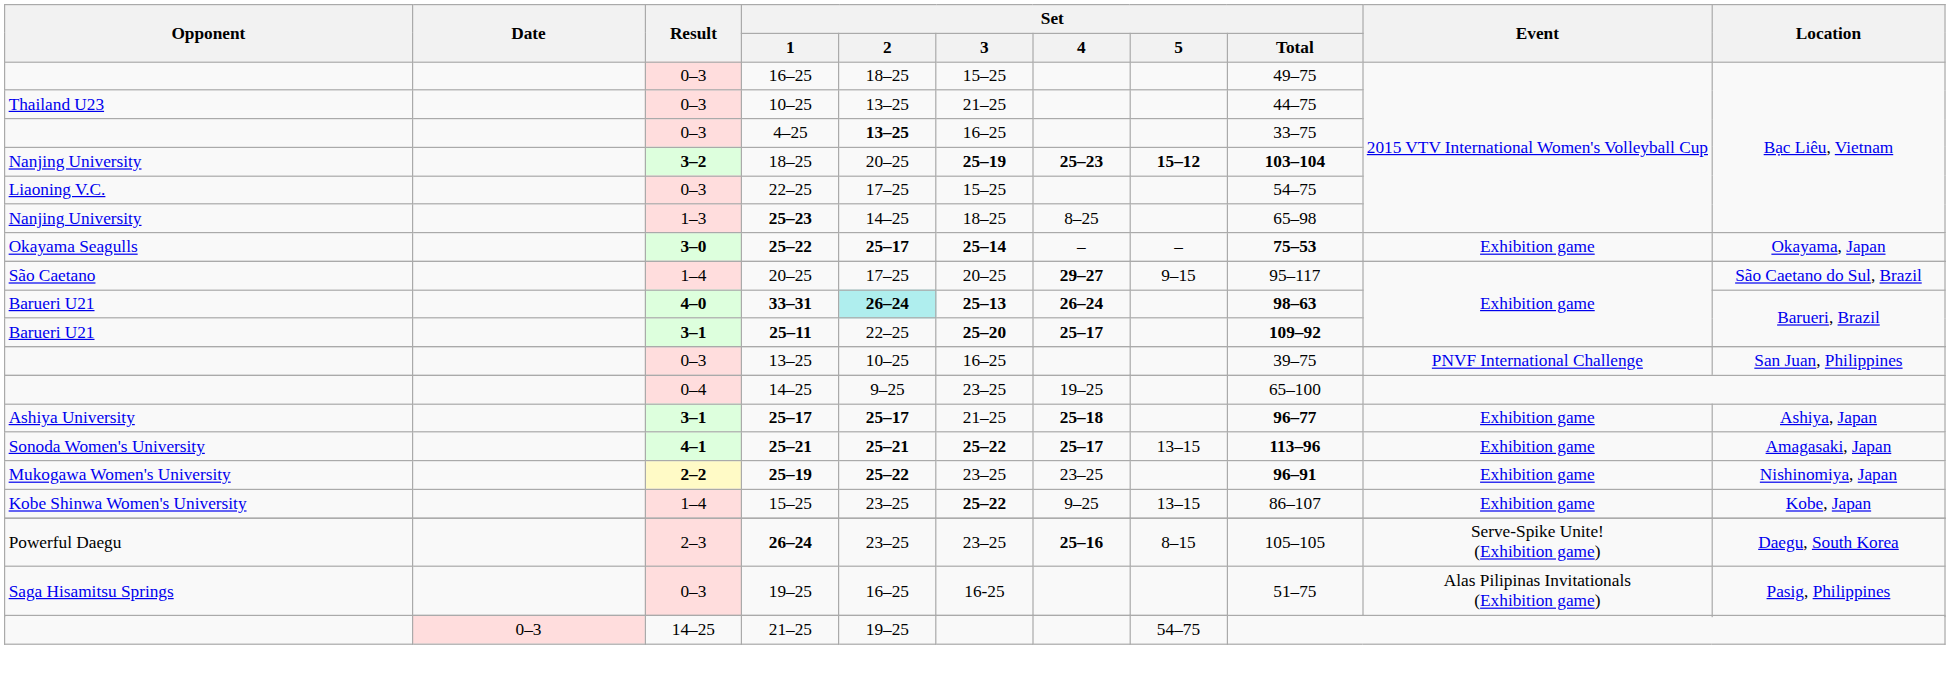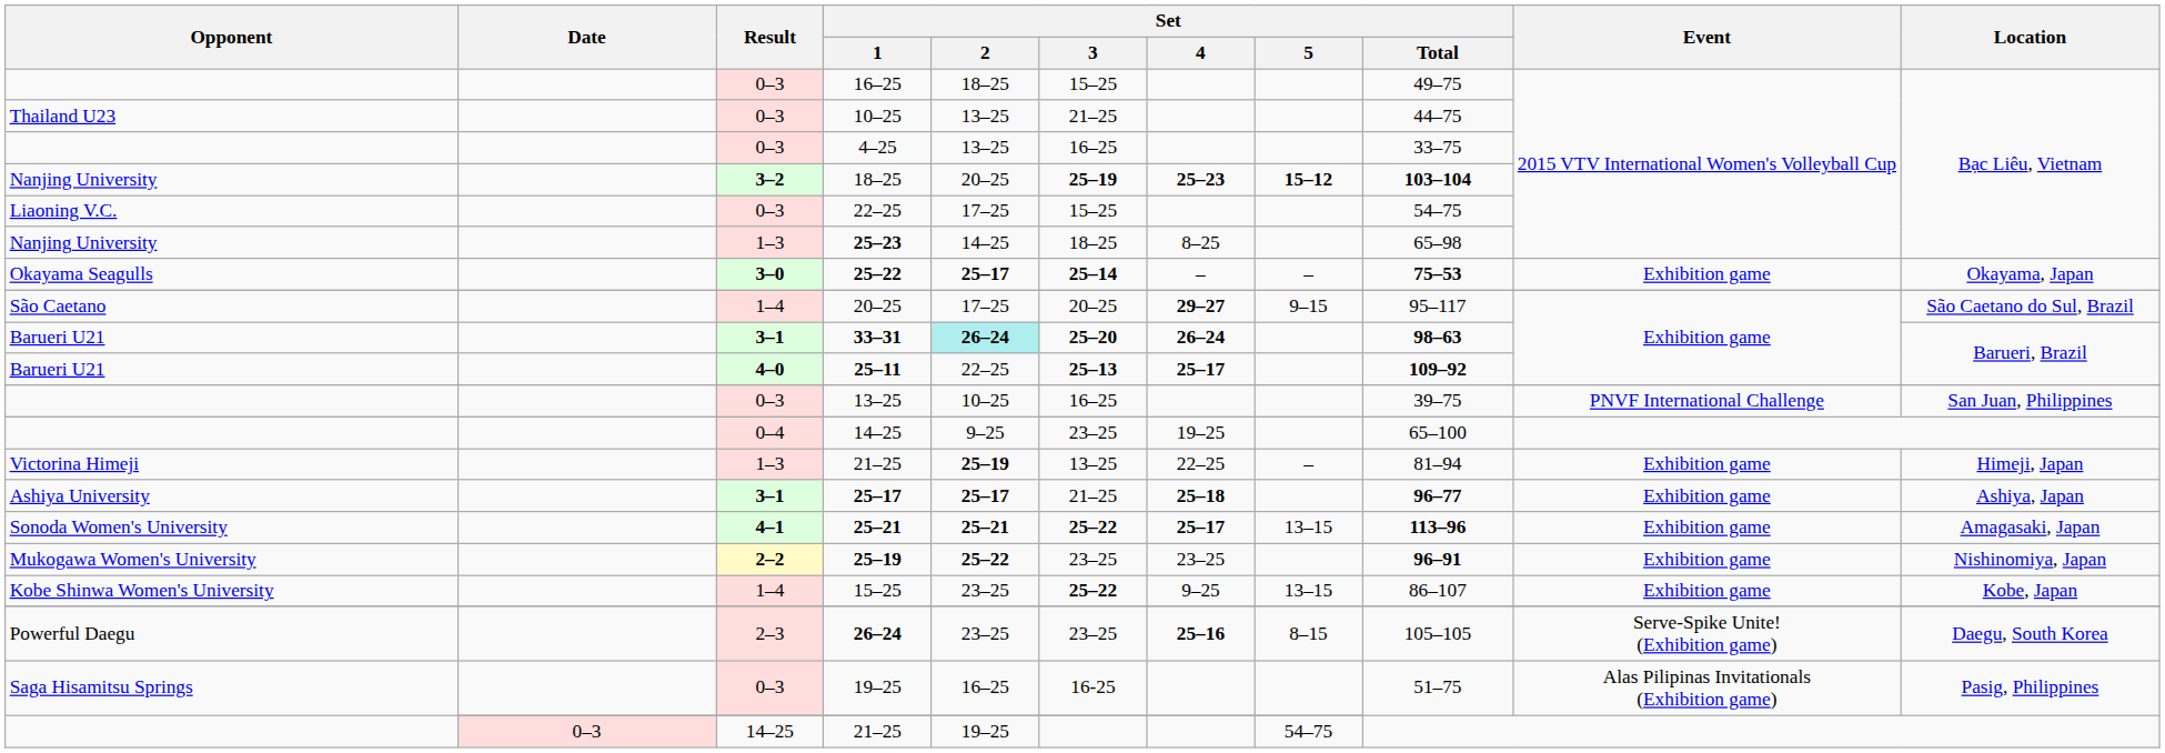 <table class="wikitable" style="font-size: 90%">
 <tr>
 <th rowspan=2 width=21%>Opponent</th>
 <th rowspan=2 width=12%>Date</th>
 <th rowspan=2 width=5%>Result</th>
 <th colspan=6>Set</th>
 <th rowspan=2 width=18%>Event</th>
 <th rowspan=2 width=19%>Location</th>
 </tr>
 <tr>
 <th width=5%>1</th>
 <th width=5%>2</th>
 <th width=5%>3</th>
 <th width=5%>4</th>
 <th width=5%>5</th>
 <th width=7%>Total</th>
 </tr>
 <tr style="text-align:center;">
 <td style="text-align:left;"></td>
 <td></td>
 <td style="background:#ffdddd;">0–3</td>
 <td>16–25</td>
 <td>18–25</td>
 <td>15–25</td>
 <td></td>
 <td></td>
 <td>49–75</td>
 <td rowspan=6><a href='#'>2015 VTV International Women's Volleyball Cup</a></td>
 <td rowspan=6><a href='#'>Bạc Liêu</a>, <a href='#'>Vietnam</a></td>
 </tr>
 <tr style="text-align:center;">
 <td style="text-align:left;"> <a href='#'>Thailand U23</a></td>
 <td></td>
 <td style="background:#ffdddd;">0–3</td>
 <td>10–25</td>
 <td>13–25</td>
 <td>21–25</td>
 <td></td>
 <td></td>
 <td>44–75</td>
 </tr>
 <tr style="text-align:center;">
 <td style="text-align:left;"></td>
 <td></td>
 <td style="background:#ffdddd;">0–3</td>
 <td>4–25</td>
-<td><strong>13–25</strong></td>
+<td>13–25</td>
 <td>16–25</td>
 <td></td>
 <td></td>
 <td>33–75</td>
 </tr>
 <tr style="text-align:center;">
 <td style="text-align:left;"> <a href='#'>Nanjing University</a></td>
 <td></td>
 <td style="background:#ddffdd;"><strong>3–2</strong></td>
 <td>18–25</td>
 <td>20–25</td>
 <td><strong>25–19</strong></td>
 <td><strong>25–23</strong></td>
 <td><strong>15–12</strong></td>
 <td><strong>103–104</strong></td>
 </tr>
 <tr style="text-align:center;">
 <td style="text-align:left;"> <a href='#'>Liaoning V.C.</a></td>
 <td></td>
 <td style="background:#ffdddd;">0–3</td>
 <td>22–25</td>
 <td>17–25</td>
 <td>15–25</td>
 <td></td>
 <td></td>
 <td>54–75</td>
 </tr>
 <tr style="text-align:center;">
 <td style="text-align:left;"> <a href='#'>Nanjing University</a></td>
 <td></td>
 <td style="background:#ffdddd;">1–3</td>
 <td><strong>25–23</strong></td>
 <td>14–25</td>
 <td>18–25</td>
 <td>8–25</td>
 <td></td>
 <td>65–98</td>
 </tr>
 <tr style="text-align:center;">
 <td style="text-align:left;"> <a href='#'>Okayama Seagulls</a></td>
 <td></td>
 <td style="background:#ddffdd;"><strong>3–0</strong></td>
 <td><strong>25–22</strong></td>
 <td><strong>25–17</strong></td>
 <td><strong>25–14</strong></td>
 <td>–</td>
 <td>–</td>
 <td><strong>75–53</strong></td>
 <td align=center><a href='#'>Exhibition game</a></td>
 <td align=center><a href='#'>Okayama</a>, <a href='#'>Japan</a></td>
 </tr>
 <tr style="text-align:center;">
 </tr>
 <tr style="text-align:center;">
 <td style="text-align:left;"> <a href='#'>São Caetano</a></td>
 <td></td>
 <td style="background:#ffdddd;">1–4</td>
 <td>20–25</td>
 <td>17–25</td>
 <td>20–25</td>
 <td><strong>29–27</strong></td>
 <td>9–15</td>
 <td>95–117</td>
 <td rowspan=3 align=center><a href='#'>Exhibition game</a></td>
 <td align=center><a href='#'>São Caetano do Sul</a>, <a href='#'>Brazil</a></td>
 </tr>
 <tr style="text-align:center;">
 <td style="text-align:left;"> <a href='#'>Barueri U21</a></td>
 <td></td>
-<td style="background:#ddffdd;"><strong>4–0</strong></td>
+<td style="background:#ddffdd;"><strong>3–1</strong></td>
 <td><strong>33–31</strong></td>
 <td style="background: paleturquoise;"><strong>26–24</strong></td>
-<td><strong>25–13</strong></td>
+<td><strong>25–20</strong></td>
 <td><strong>26–24</strong></td>
 <td></td>
 <td><strong>98–63</strong></td>
 <td rowspan=2 align=center><a href='#'>Barueri</a>, <a href='#'>Brazil</a></td>
 </tr>
 <tr style="text-align:center;">
 <td style="text-align:left;"> <a href='#'>Barueri U21</a></td>
 <td></td>
-<td style="background:#ddffdd;"><strong>3–1</strong></td>
+<td style="background:#ddffdd;"><strong>4–0</strong></td>
 <td><strong>25–11</strong></td>
 <td>22–25</td>
-<td><strong>25–20</strong></td>
+<td><strong>25–13</strong></td>
 <td><strong>25–17</strong></td>
 <td></td>
 <td><strong>109–92</strong></td>
 </tr>
 <tr style="text-align:center;">
 </tr>
 <tr style="text-align:center;">
 <td style="text-align:left;"></td>
 <td></td>
 <td style="background:#ffdddd">0–3</td>
 <td>13–25</td>
 <td>10–25</td>
 <td>16–25</td>
 <td></td>
 <td></td>
 <td>39–75</td>
 <td rowspan=2><a href='#'>PNVF International Challenge</a></td>
 <td rowspan=2><a href='#'>San Juan</a>, <a href='#'>Philippines</a></td>
 </tr>
 <tr style="text-align:center;">
 </tr>
 <tr style="text-align:center;">
 <td style="text-align:left;"></td>
 <td></td>
 <td style="background:#ffdddd">0–4</td>
 <td>14–25</td>
 <td>9–25</td>
 <td>23–25</td>
 <td>19–25</td>
 <td></td>
 <td>65–100</td>
+</tr>
+<tr style="text-align:center;">
+<td style="text-align:left;"> <a href='#'>Victorina Himeji</a></td>
+<td></td>
+<td style="background:#ffdddd;">1–3</td>
+<td>21–25</td>
+<td><strong>25–19</strong></td>
+<td>13–25</td>
+<td>22–25</td>
+<td>–</td>
+<td>81–94</td>
+<td align=center><a href='#'>Exhibition game</a></td>
+<td align=center><a href='#'>Himeji</a>, <a href='#'>Japan</a></td>
 </tr>
 <tr style="text-align:center;">
 <td style="text-align:left;"> <a href='#'>Ashiya University</a></td>
 <td></td>
 <td style="background:#ddffdd;"><strong>3–1</strong></td>
 <td><strong>25–17</strong></td>
 <td><strong>25–17</strong></td>
 <td>21–25</td>
 <td><strong>25–18</strong></td>
 <td></td>
 <td><strong>96–77</strong></td>
 <td align=center><a href='#'>Exhibition game</a></td>
 <td align=center><a href='#'>Ashiya</a>, <a href='#'>Japan</a></td>
 </tr>
 <tr style="text-align:center;">
 <td style="text-align:left;"> <a href='#'>Sonoda Women's University</a></td>
 <td></td>
 <td style="background:#ddffdd;"><strong>4–1</strong></td>
 <td><strong>25–21</strong></td>
 <td><strong>25–21</strong></td>
 <td><strong>25–22</strong></td>
 <td><strong>25–17</strong></td>
 <td>13–15</td>
 <td><strong>113–96</strong></td>
 <td align=center><a href='#'>Exhibition game</a></td>
 <td align=center><a href='#'>Amagasaki</a>, <a href='#'>Japan</a></td>
 </tr>
 <tr style="text-align:center;">
 <td style="text-align:left;"> <a href='#'>Mukogawa Women's University</a></td>
 <td></td>
 <td style="background:#FFFAC6;"><strong>2–2</strong></td>
 <td><strong>25–19</strong></td>
 <td><strong>25–22</strong></td>
 <td>23–25</td>
 <td>23–25</td>
 <td></td>
 <td><strong>96–91</strong></td>
 <td align=center><a href='#'>Exhibition game</a></td>
 <td align=center><a href='#'>Nishinomiya</a>, <a href='#'>Japan</a></td>
 </tr>
 <tr style="text-align:center;">
 <td style="text-align:left;"> <a href='#'>Kobe Shinwa Women's University</a></td>
 <td></td>
 <td style="background:#ffdddd;">1–4</td>
 <td>15–25</td>
 <td>23–25</td>
 <td><strong>25–22</strong></td>
 <td>9–25</td>
 <td>13–15</td>
 <td>86–107</td>
 <td align=center><a href='#'>Exhibition game</a></td>
 <td align=center><a href='#'>Kobe</a>, <a href='#'>Japan</a></td>
 </tr>
 <tr style="text-align:center;">
 </tr>
 <tr style="text-align:center;">
 <td style="text-align:left;">Powerful Daegu</td>
 <td></td>
 <td style="background:#ffdddd;">2–3</td>
 <td><strong>26–24</strong></td>
 <td>23–25</td>
 <td>23–25</td>
 <td><strong>25–16</strong></td>
 <td>8–15</td>
 <td>105–105</td>
 <td align=center>Serve-Spike Unite!<br>(<a href='#'>Exhibition game</a>)</td>
 <td align=center><a href='#'>Daegu</a>, <a href='#'>South Korea</a></td>
 </tr>
 <tr style="text-align:center;">
 <td style="text-align:left;" rowspan=2> <a href='#'>Saga Hisamitsu Springs</a></td>
 <td></td>
 <td style="background:#ffdddd;">0–3</td>
 <td>19–25</td>
 <td>16–25</td>
 <td>16-25</td>
 <td></td>
 <td></td>
 <td>51–75</td>
 <td rowspan=2 align=center>Alas Pilipinas Invitationals<br>(<a href='#'>Exhibition game</a>)</td>
 <td align=center rowspan=2><a href='#'>Pasig</a>, <a href='#'>Philippines</a></td>
 </tr>
 <tr style="text-align:center;">
 </tr>
 <tr style="text-align:center;">
 <td></td>
 <td style="background:#ffdddd;">0–3</td>
 <td>14–25</td>
 <td>21–25</td>
 <td>19–25</td>
 <td></td>
 <td></td>
 <td>54–75</td>
 </tr>
 </table>
